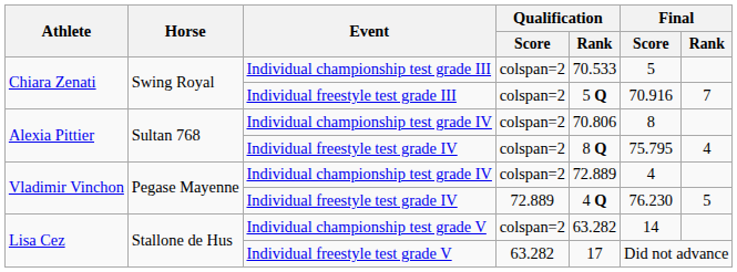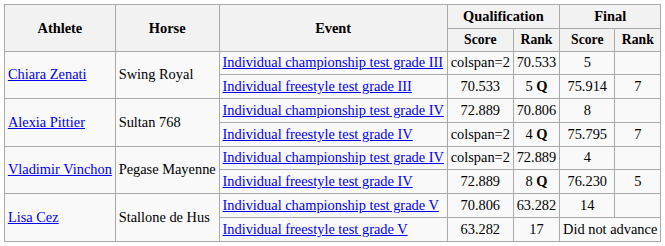 <table class=wikitable style="font-size:90%">
 <tr>
 <th rowspan="2">Athlete</th>
 <th rowspan="2">Horse</th>
 <th rowspan="2">Event</th>
 <th colspan="2">Qualification</th>
 <th colspan="2">Final</th>
 </tr>
 <tr style=font-size:95%>
 <th>Score</th>
 <th>Rank</th>
 <th>Score</th>
 <th>Rank</th>
 </tr>
 <tr align=center>
 <td align=left rowspan=2><a href='#'>Chiara Zenati</a></td>
 <td align=left rowspan=2>Swing Royal</td>
 <td align=left><a href='#'>Individual championship test grade III</a></td>
 <td>colspan=2 </td>
 <td>70.533</td>
 <td>5</td>
 </tr>
 <tr align=center>
 <td align=left><a href='#'>Individual freestyle test grade III</a></td>
-<td>colspan=2 </td>
+<td>70.533</td>
 <td>5 <strong>Q</strong></td>
-<td>70.916</td>
+<td>75.914</td>
 <td>7</td>
 </tr>
 <tr align=center>
 <td align=left rowspan=2><a href='#'>Alexia Pittier</a></td>
 <td align=left rowspan=2>Sultan 768</td>
 <td align=left><a href='#'>Individual championship test grade IV</a></td>
-<td>colspan=2 </td>
+<td>72.889</td>
 <td>70.806</td>
 <td>8</td>
 </tr>
 <tr align=center>
 <td align=left><a href='#'>Individual freestyle test grade IV</a></td>
 <td>colspan=2 </td>
-<td>8 <strong>Q</strong></td>
+<td>4 <strong>Q</strong></td>
 <td>75.795</td>
-<td>4</td>
+<td>7</td>
 </tr>
 <tr align=center>
 <td align=left rowspan=2><a href='#'>Vladimir Vinchon</a></td>
 <td align=left rowspan=2>Pegase Mayenne</td>
 <td align=left><a href='#'>Individual championship test grade IV</a></td>
 <td>colspan=2 </td>
 <td>72.889</td>
 <td>4</td>
 </tr>
 <tr align=center>
 <td align=left><a href='#'>Individual freestyle test grade IV</a></td>
 <td>72.889</td>
-<td>4 <strong>Q</strong></td>
+<td>8 <strong>Q</strong></td>
 <td>76.230</td>
 <td>5</td>
 </tr>
 <tr align=center>
 <td align=left rowspan=2><a href='#'>Lisa Cez</a></td>
 <td align=left rowspan=2>Stallone de Hus</td>
 <td align=left><a href='#'>Individual championship test grade V</a></td>
-<td>colspan=2 </td>
+<td>70.806</td>
 <td>63.282</td>
 <td>14</td>
 </tr>
 <tr align=center>
 <td align=left><a href='#'>Individual freestyle test grade V</a></td>
 <td>63.282</td>
 <td>17</td>
 <td colspan=2>Did not advance</td>
 </tr>
 </table>
